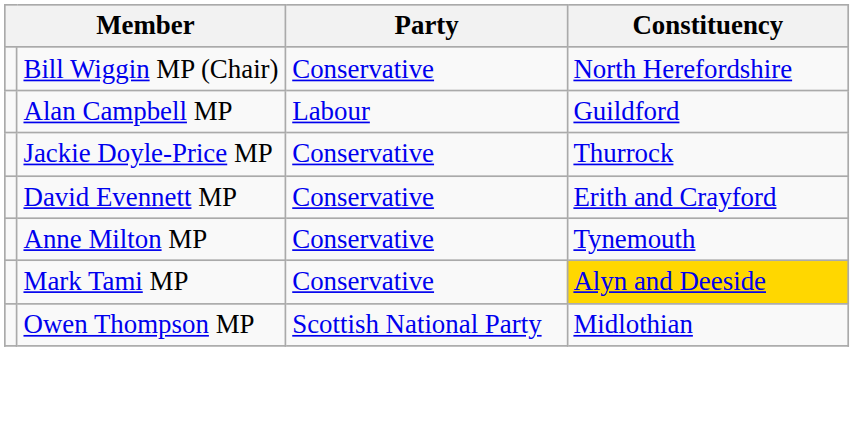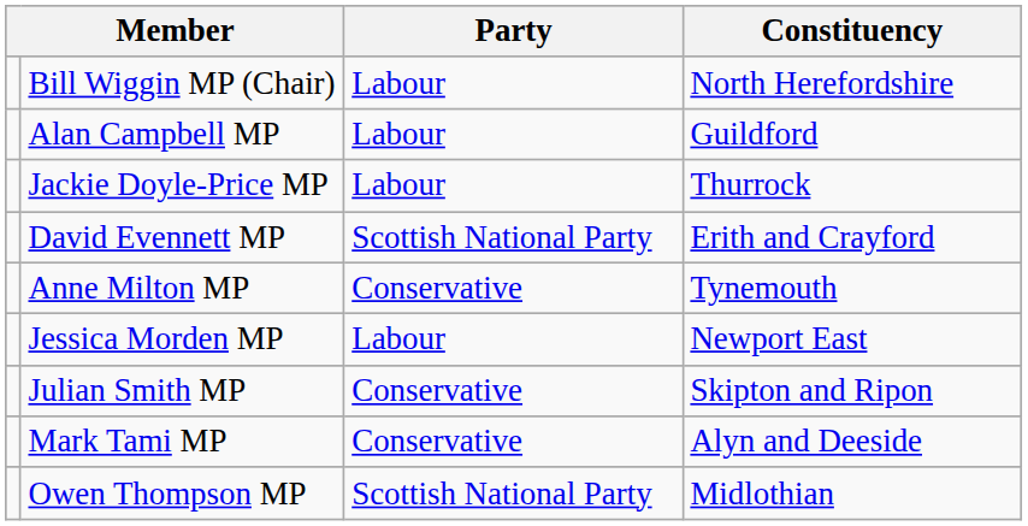 <table class="wikitable">
 <tr>
 <th colspan="2" valign="top" width="160px">Member</th>
 <th valign="top" width="160px">Party</th>
 <th valign="top" width="160px">Constituency</th>
 </tr>
 <tr>
 <td style="color:inherit;background:"></td>
 <td><a href='#'>Bill Wiggin</a> MP (Chair)</td>
-<td><a href='#'>Conservative</a></td>
+<td><a href='#'>Labour</a></td>
 <td><a href='#'>North Herefordshire</a></td>
 </tr>
 <tr>
 <td style="color:inherit;background:"></td>
 <td><a href='#'>Alan Campbell</a> MP</td>
 <td><a href='#'>Labour</a></td>
 <td><a href='#'>Guildford</a></td>
 </tr>
 <tr>
 <td style="color:inherit;background:"></td>
 <td><a href='#'>Jackie Doyle-Price</a> MP</td>
-<td><a href='#'>Conservative</a></td>
+<td><a href='#'>Labour</a></td>
 <td><a href='#'>Thurrock</a></td>
 </tr>
 <tr>
 <td style="color:inherit;background:"></td>
 <td><a href='#'>David Evennett</a> MP</td>
-<td><a href='#'>Conservative</a></td>
+<td><a href='#'>Scottish National Party</a></td>
 <td><a href='#'>Erith and Crayford</a></td>
 </tr>
 <tr>
 <td style="color:inherit;background:"></td>
 <td><a href='#'>Anne Milton</a> MP</td>
 <td><a href='#'>Conservative</a></td>
 <td><a href='#'>Tynemouth</a></td>
 </tr>
 <tr>
 <td style="color:inherit;background:"></td>
+<td><a href='#'>Jessica Morden</a> MP</td>
+<td><a href='#'>Labour</a></td>
+<td><a href='#'>Newport East</a></td>
+</tr>
+<tr>
+<td style="color:inherit;background:"></td>
+<td><a href='#'>Julian Smith</a> MP</td>
+<td><a href='#'>Conservative</a></td>
+<td><a href='#'>Skipton and Ripon</a></td>
+</tr>
+<tr>
+<td style="color:inherit;background:"></td>
 <td><a href='#'>Mark Tami</a> MP</td>
 <td><a href='#'>Conservative</a></td>
-<td style="background: gold;"><a href='#'>Alyn and Deeside</a></td>
+<td><a href='#'>Alyn and Deeside</a></td>
 </tr>
 <tr>
 <td style="color:inherit;background:"></td>
 <td><a href='#'>Owen Thompson</a> MP</td>
 <td><a href='#'>Scottish National Party</a></td>
 <td><a href='#'>Midlothian</a></td>
 </tr>
 </table>
